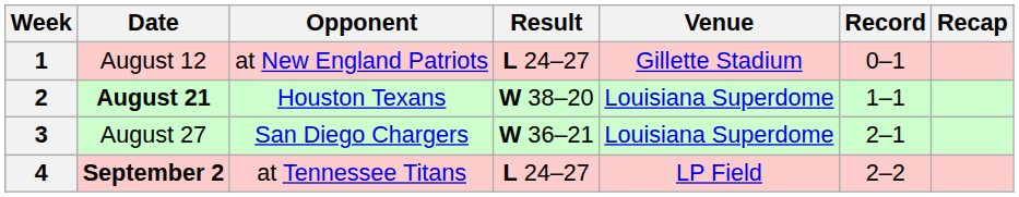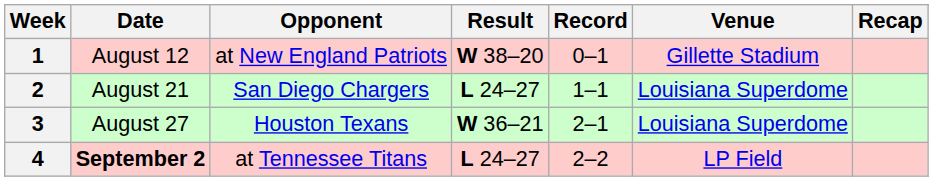 <table class="wikitable" style="text-align:center">
 <tr>
 <th>Week</th>
 <th>Date</th>
 <th>Opponent</th>
 <th>Result</th>
+<th>Record</th>
 <th>Venue</th>
-<th>Record</th>
 <th>Recap</th>
 </tr>
 <tr style="background:#fcc;">
 <th>1</th>
 <td style="text-align:center;">August 12</td>
 <td style="text-align:center;">at <a href='#'>New England Patriots</a></td>
-<td style="text-align:center;"><strong>L</strong> 24–27</td>
+<td style="text-align:center;"><strong>W</strong> 38–20</td>
+<td style="text-align:center;">0–1</td>
 <td style="text-align:center;"><a href='#'>Gillette Stadium</a></td>
-<td style="text-align:center;">0–1</td>
 <td style="text-align:center;"></td>
 </tr>
 <tr style="background:#cfc;">
 <th>2</th>
-<td style="text-align:center;"><strong>August 21</strong></td>
-<td style="text-align:center;"><a href='#'>Houston Texans</a></td>
-<td style="text-align:center;"><strong>W</strong> 38–20</td>
+<td style="text-align:center;">August 21</td>
+<td style="text-align:center;"><a href='#'>San Diego Chargers</a></td>
+<td style="text-align:center;"><strong>L</strong> 24–27</td>
+<td style="text-align:center;">1–1</td>
 <td style="text-align:center;"><a href='#'>Louisiana Superdome</a></td>
-<td style="text-align:center;">1–1</td>
 <td style="text-align:center;"></td>
 </tr>
 <tr style="background:#cfc;">
 <th>3</th>
 <td style="text-align:center;">August 27</td>
-<td style="text-align:center;"><a href='#'>San Diego Chargers</a></td>
+<td style="text-align:center;"><a href='#'>Houston Texans</a></td>
 <td style="text-align:center;"><strong>W</strong> 36–21</td>
+<td style="text-align:center;">2–1</td>
 <td style="text-align:center;"><a href='#'>Louisiana Superdome</a></td>
-<td style="text-align:center;">2–1</td>
 <td style="text-align:center;"></td>
 </tr>
 <tr style="background:#fcc;">
 <th>4</th>
 <td style="text-align:center;"><strong>September 2</strong></td>
 <td style="text-align:center;">at <a href='#'>Tennessee Titans</a></td>
 <td style="text-align:center;"><strong>L</strong> 24–27</td>
+<td style="text-align:center;">2–2</td>
 <td style="text-align:center;"><a href='#'>LP Field</a></td>
-<td style="text-align:center;">2–2</td>
 <td style="text-align:center;"></td>
 </tr>
 </table>
